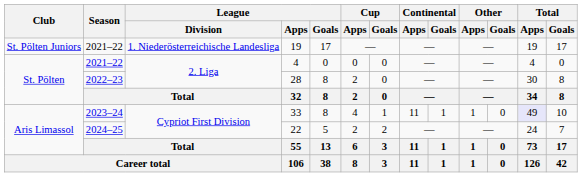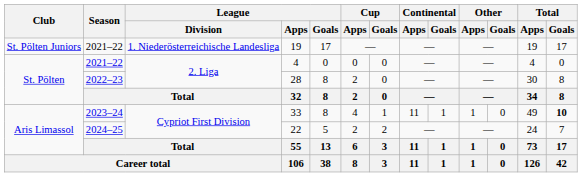 <table class="wikitable" style="text-align:center">
 <tr>
 <th rowspan="2">Club</th>
 <th rowspan="2">Season</th>
 <th colspan="3">League</th>
 <th colspan="2">Cup</th>
 <th colspan="2">Continental</th>
 <th colspan="2">Other</th>
 <th colspan="2">Total</th>
 </tr>
 <tr>
 <th>Division</th>
 <th>Apps</th>
 <th>Goals</th>
 <th>Apps</th>
 <th>Goals</th>
 <th>Apps</th>
 <th>Goals</th>
 <th>Apps</th>
 <th>Goals</th>
 <th>Apps</th>
 <th>Goals</th>
 </tr>
 <tr>
 <td><a href='#'>St. Pölten Juniors</a></td>
 <td>2021–22</td>
 <td><a href='#'>1. Niederösterreichische Landesliga</a></td>
 <td>19</td>
 <td>17</td>
 <td colspan="2">—</td>
 <td colspan="2">—</td>
 <td colspan="2">—</td>
 <td>19</td>
 <td>17</td>
 </tr>
 <tr>
 <td rowspan="3"><a href='#'>St. Pölten</a></td>
 <td><a href='#'>2021–22</a></td>
 <td rowspan="2"><a href='#'>2. Liga</a></td>
 <td>4</td>
 <td>0</td>
 <td>0</td>
 <td>0</td>
 <td colspan="2">—</td>
 <td colspan="2">—</td>
 <td>4</td>
 <td>0</td>
 </tr>
 <tr>
 <td><a href='#'>2022–23</a></td>
 <td>28</td>
 <td>8</td>
 <td>2</td>
 <td>0</td>
 <td colspan="2">—</td>
 <td colspan="2">—</td>
 <td>30</td>
 <td>8</td>
 </tr>
 <tr>
 <th colspan="2">Total</th>
 <th>32</th>
 <th>8</th>
 <th>2</th>
 <th>0</th>
 <th colspan="2">—</th>
 <th colspan="2">—</th>
 <th>34</th>
 <th>8</th>
 </tr>
 <tr>
 <td rowspan="3"><a href='#'>Aris Limassol</a></td>
 <td><a href='#'>2023–24</a></td>
 <td rowspan="2"><a href='#'>Cypriot First Division</a></td>
 <td>33</td>
 <td>8</td>
 <td>4</td>
 <td>1</td>
 <td>11</td>
 <td>1</td>
 <td>1</td>
 <td>0</td>
-<td style="background: lavender;">49</td>
-<td>10</td>
+<td>49</td>
+<td><strong>10</strong></td>
 </tr>
 <tr>
 <td><a href='#'>2024–25</a></td>
 <td>22</td>
 <td>5</td>
 <td>2</td>
 <td>2</td>
 <td colspan="2">—</td>
 <td colspan="2">—</td>
 <td>24</td>
 <td>7</td>
 </tr>
 <tr>
 <th colspan="2">Total</th>
 <th>55</th>
 <th>13</th>
 <th>6</th>
 <th>3</th>
 <th>11</th>
 <th>1</th>
 <th>1</th>
 <th>0</th>
 <th>73</th>
 <th>17</th>
 </tr>
 <tr>
 <th colspan="3">Career total</th>
 <th>106</th>
 <th>38</th>
 <th>8</th>
 <th>3</th>
 <th>11</th>
 <th>1</th>
 <th>1</th>
 <th>0</th>
 <th>126</th>
 <th>42</th>
 </tr>
 </table>
